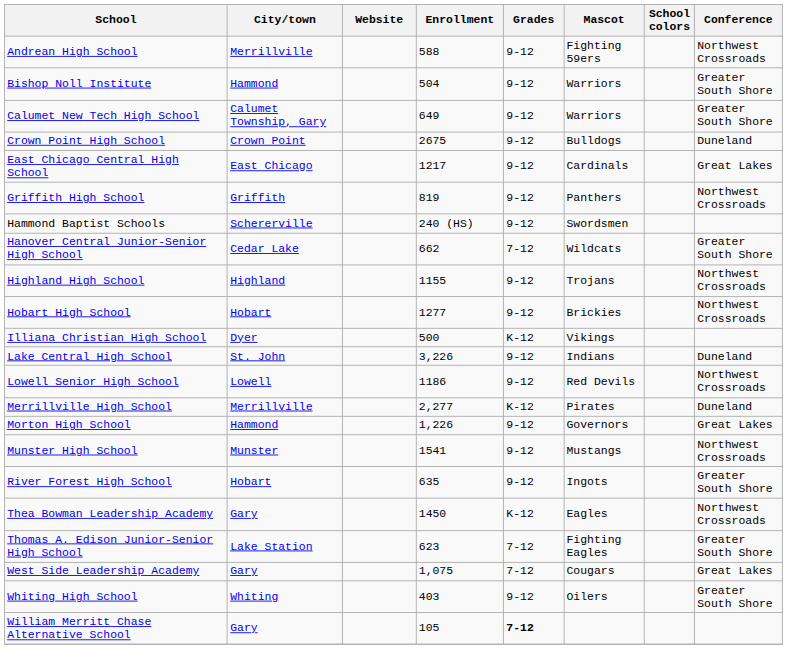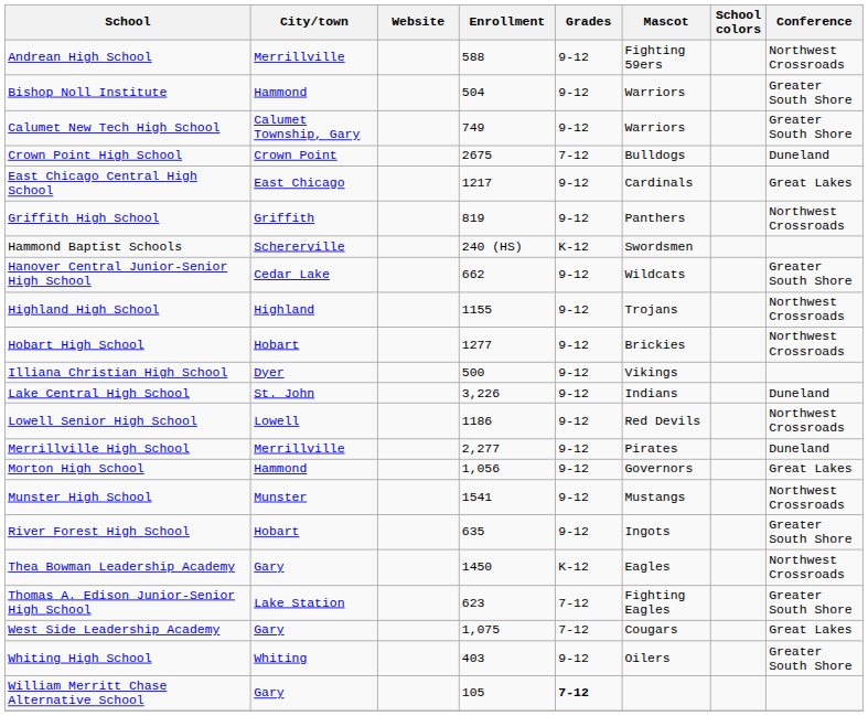 <table class="wikitable sortable" width="70%">
 <tr>
 <th width="20%">School</th>
 <th width="08%">City/town</th>
 <th width="06%">Website</th>
 <th width="04%">Enrollment</th>
 <th width="04%">Grades</th>
 <th width="04%">Mascot</th>
 <th width=01%>School colors</th>
 <th width="04%">Conference</th>
 </tr>
 <tr>
 <td><a href='#'>Andrean High School</a></td>
 <td><a href='#'>Merrillville</a></td>
 <td></td>
 <td>588</td>
 <td>9-12</td>
 <td>Fighting 59ers</td>
 <td> </td>
 <td>Northwest Crossroads</td>
 </tr>
 <tr>
 <td><a href='#'>Bishop Noll Institute</a></td>
 <td><a href='#'>Hammond</a></td>
 <td></td>
 <td>504</td>
 <td>9-12</td>
 <td>Warriors</td>
 <td> </td>
 <td>Greater South Shore</td>
 </tr>
 <tr>
 <td><a href='#'>Calumet New Tech High School</a></td>
 <td><a href='#'>Calumet Township, Gary</a></td>
 <td></td>
-<td>649</td>
+<td>749</td>
 <td>9-12</td>
 <td>Warriors</td>
 <td> </td>
 <td>Greater South Shore</td>
 </tr>
 <tr>
 <td><a href='#'>Crown Point High School</a></td>
 <td><a href='#'>Crown Point</a></td>
 <td></td>
 <td>2675</td>
-<td>9-12</td>
+<td>7-12</td>
 <td>Bulldogs</td>
 <td> </td>
 <td>Duneland</td>
 </tr>
 <tr>
 <td><a href='#'>East Chicago Central High School</a></td>
 <td><a href='#'>East Chicago</a></td>
 <td></td>
 <td>1217</td>
 <td>9-12</td>
 <td>Cardinals</td>
 <td>  </td>
 <td>Great Lakes</td>
 </tr>
 <tr>
 <td><a href='#'>Griffith High School</a></td>
 <td><a href='#'>Griffith</a></td>
 <td></td>
 <td>819</td>
 <td>9-12</td>
 <td>Panthers</td>
 <td> </td>
 <td>Northwest Crossroads</td>
 </tr>
 <tr>
 <td>Hammond Baptist Schools</td>
 <td><a href='#'>Schererville</a></td>
 <td></td>
 <td>240 (HS)</td>
-<td>9-12</td>
+<td>K-12</td>
 <td>Swordsmen</td>
 <td></td>
 <td></td>
 </tr>
 <tr>
 <td><a href='#'>Hanover Central Junior-Senior High School</a></td>
 <td><a href='#'>Cedar Lake</a></td>
 <td></td>
 <td>662</td>
-<td>7-12</td>
+<td>9-12</td>
 <td>Wildcats</td>
 <td> </td>
 <td>Greater South Shore</td>
 </tr>
 <tr>
 <td><a href='#'>Highland High School</a></td>
 <td><a href='#'>Highland</a></td>
 <td></td>
 <td>1155</td>
 <td>9-12</td>
 <td>Trojans</td>
 <td> </td>
 <td>Northwest Crossroads</td>
 </tr>
 <tr>
 <td><a href='#'>Hobart High School</a></td>
 <td><a href='#'>Hobart</a></td>
 <td></td>
 <td>1277</td>
 <td>9-12</td>
 <td>Brickies</td>
 <td> </td>
 <td>Northwest Crossroads</td>
 </tr>
 <tr>
 <td><a href='#'>Illiana Christian High School</a></td>
 <td><a href='#'>Dyer</a></td>
 <td></td>
 <td>500</td>
-<td>K-12</td>
+<td>9-12</td>
 <td>Vikings</td>
 <td>  </td>
 <td></td>
 </tr>
 <tr>
 <td><a href='#'>Lake Central High School</a></td>
 <td><a href='#'>St. John</a></td>
 <td></td>
 <td>3,226</td>
 <td>9-12</td>
 <td>Indians</td>
 <td> </td>
 <td>Duneland</td>
 </tr>
 <tr>
 <td><a href='#'>Lowell Senior High School</a></td>
 <td><a href='#'>Lowell</a></td>
 <td></td>
 <td>1186</td>
 <td>9-12</td>
 <td>Red Devils</td>
 <td>  </td>
 <td>Northwest Crossroads</td>
 </tr>
 <tr>
 <td><a href='#'>Merrillville High School</a></td>
 <td><a href='#'>Merrillville</a></td>
 <td></td>
 <td>2,277</td>
-<td>K-12</td>
+<td>9-12</td>
 <td>Pirates</td>
 <td>  </td>
 <td>Duneland</td>
 </tr>
 <tr>
 <td><a href='#'>Morton High School</a></td>
 <td><a href='#'>Hammond</a></td>
 <td></td>
-<td>1,226</td>
+<td>1,056</td>
 <td>9-12</td>
 <td>Governors</td>
 <td> </td>
 <td>Great Lakes</td>
 </tr>
 <tr>
 <td><a href='#'>Munster High School</a></td>
 <td><a href='#'>Munster</a></td>
 <td></td>
 <td>1541</td>
 <td>9-12</td>
 <td>Mustangs</td>
 <td> </td>
 <td>Northwest Crossroads</td>
 </tr>
 <tr>
 <td><a href='#'>River Forest High School</a></td>
 <td><a href='#'>Hobart</a></td>
 <td></td>
 <td>635</td>
 <td>9-12</td>
 <td>Ingots</td>
 <td> </td>
 <td>Greater South Shore</td>
 </tr>
 <tr>
 <td><a href='#'>Thea Bowman Leadership Academy</a></td>
 <td><a href='#'>Gary</a></td>
 <td></td>
 <td>1450</td>
 <td>K-12</td>
 <td>Eagles</td>
 <td> </td>
 <td>Northwest Crossroads</td>
 </tr>
 <tr>
 <td><a href='#'>Thomas A. Edison Junior-Senior High School</a></td>
 <td><a href='#'>Lake Station</a></td>
 <td></td>
 <td>623</td>
 <td>7-12</td>
 <td>Fighting Eagles</td>
 <td> </td>
 <td>Greater South Shore</td>
 </tr>
 <tr>
 <td><a href='#'>West Side Leadership Academy</a></td>
 <td><a href='#'>Gary</a></td>
 <td></td>
 <td>1,075</td>
 <td>7-12</td>
 <td>Cougars</td>
 <td> </td>
 <td>Great Lakes</td>
 </tr>
 <tr>
 <td><a href='#'>Whiting High School</a></td>
 <td><a href='#'>Whiting</a></td>
 <td></td>
 <td>403</td>
 <td>9-12</td>
 <td>Oilers</td>
 <td> </td>
 <td>Greater South Shore</td>
 </tr>
 <tr>
 <td><a href='#'>William Merritt Chase Alternative School</a></td>
 <td><a href='#'>Gary</a></td>
 <td></td>
 <td>105</td>
 <td><strong>7-12</strong></td>
 <td></td>
 <td></td>
 <td></td>
 </tr>
 <tr>
 </tr>
 </table>
